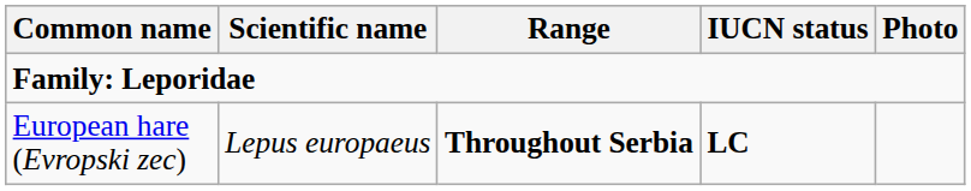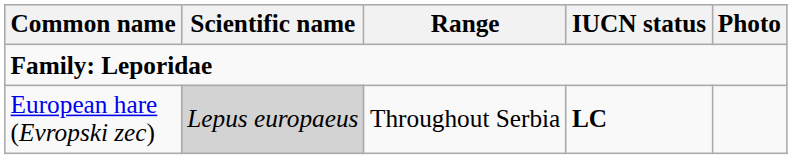 <table class="wikitable">
 <tr>
 <th>Common name</th>
 <th>Scientific name</th>
 <th>Range</th>
 <th>IUCN status</th>
 <th>Photo</th>
 </tr>
 <tr>
 <td colspan="5"><strong>Family: Leporidae</strong></td>
 </tr>
 <tr>
 <td><a href='#'>European hare</a><br>(<em>Evropski zec</em>)</td>
-<td><em>Lepus europaeus</em></td>
-<td><strong>Throughout Serbia</strong></td>
+<td style="background: lightgrey;"><em>Lepus europaeus</em></td>
+<td>Throughout Serbia</td>
 <td><strong>LC</strong></td>
 <td></td>
 </tr>
 </table>
